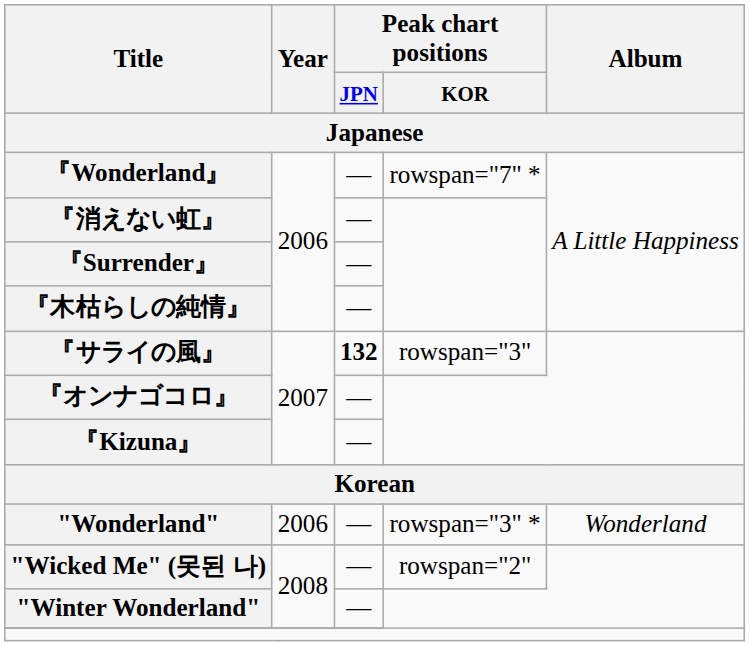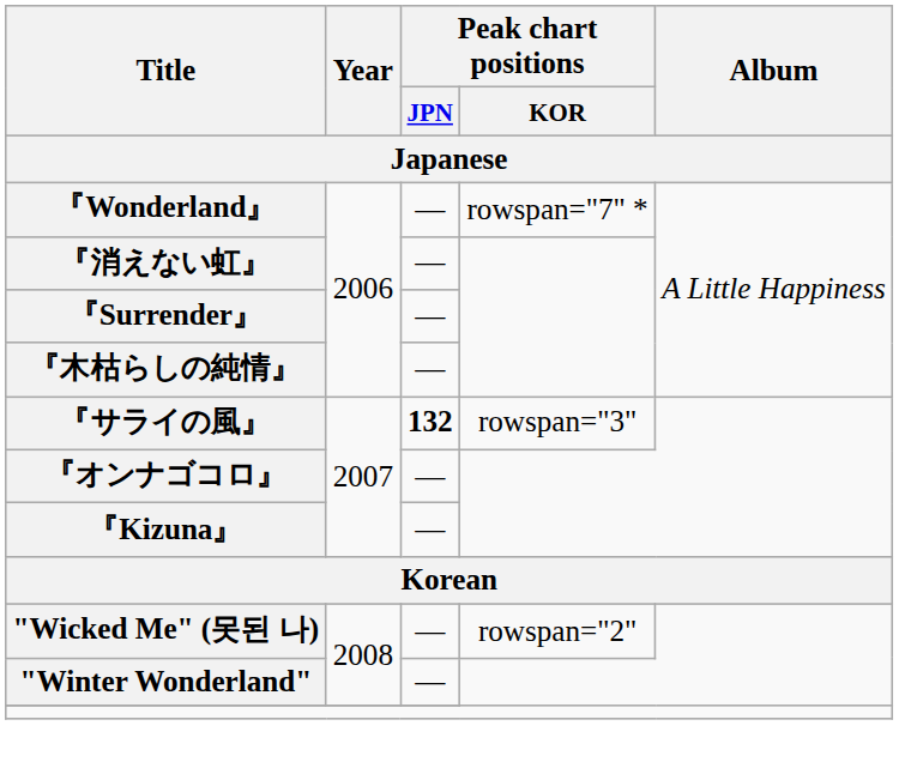 <table class="wikitable plainrowheaders" style="text-align:center;">
 <tr>
 <th scope="col" rowspan="2">Title</th>
 <th scope="col" rowspan="2">Year</th>
 <th scope="col" colspan="2" style="width:5em;">Peak chart positions</th>
 <th scope="col" rowspan="2">Album</th>
 </tr>
 <tr>
 <th><small><a href='#'>JPN</a></small><br></th>
 <th><small>KOR</small></th>
 </tr>
 <tr>
 <th colspan="5" scope="col">Japanese</th>
 </tr>
 <tr>
 <th scope="row">『Wonderland』</th>
 <td rowspan="4">2006</td>
 <td>—</td>
 <td>rowspan="7" *</td>
 <td rowspan="4"><em>A Little Happiness</em></td>
 </tr>
 <tr>
 <th scope="row">『消えない虹』</th>
 <td>—</td>
 </tr>
 <tr>
 <th scope="row">『Surrender』</th>
 <td>—</td>
 </tr>
 <tr>
 <th scope="row">『木枯らしの純情』</th>
 <td>—</td>
 </tr>
 <tr>
 <th scope="row">『サライの風』</th>
 <td rowspan="3">2007</td>
 <td><strong>132</strong></td>
 <td>rowspan="3" </td>
 </tr>
 <tr>
 <th scope="row">『オンナゴコロ』</th>
 <td>—</td>
 </tr>
 <tr>
 <th scope="row">『Kizuna』</th>
 <td>—</td>
 </tr>
 <tr>
 <th colspan="5" scope="col">Korean</th>
 </tr>
 <tr>
-<th scope="row">"Wonderland"</th>
-<td>2006</td>
-<td>—</td>
-<td>rowspan="3" *</td>
-<td><em>Wonderland</em></td>
-</tr>
-<tr>
 <th scope="row">"Wicked Me" (못된 나)</th>
 <td rowspan="2">2008</td>
 <td>—</td>
 <td>rowspan="2" </td>
 </tr>
 <tr>
 <th scope="row">"Winter Wonderland"</th>
 <td>—</td>
 </tr>
 <tr>
 </tr>
 <tr>
 <td colspan="5"></td>
 </tr>
 </table>
